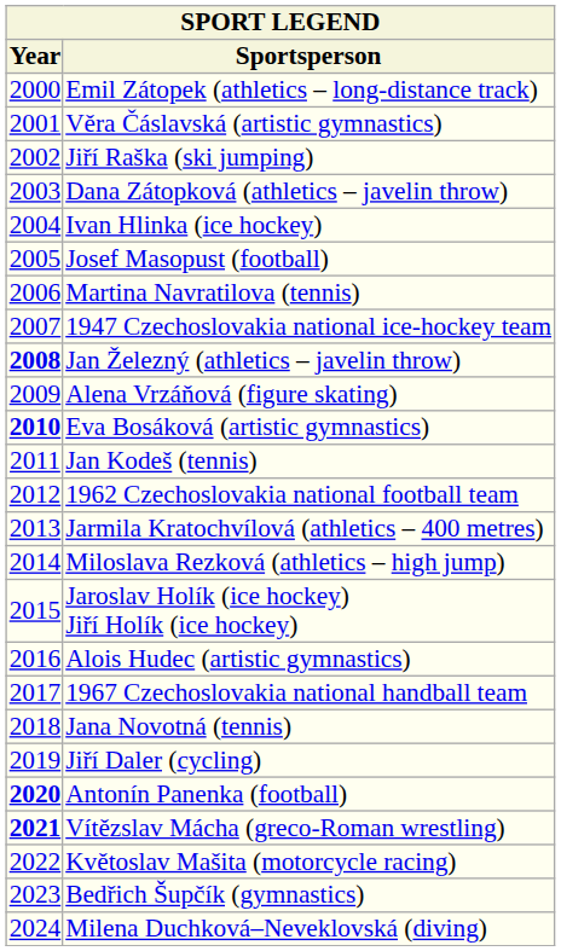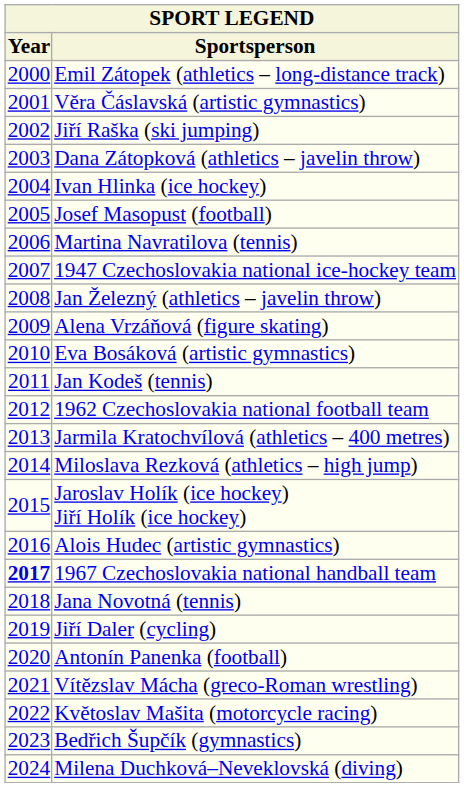 <table border=1 align=center style="background: ivory;border: 1px #aaaaaa solid; border-collapse: collapse; clear:center">
 <tr style="background:beige">
 <th colspan="2">SPORT LEGEND</th>
 </tr>
 <tr style="background:beige">
 <th>Year</th>
 <th>Sportsperson</th>
 </tr>
 <tr>
 <td align="center"><a href='#'>2000</a></td>
 <td><a href='#'>Emil Zátopek</a> (<a href='#'>athletics</a> – <a href='#'>long-distance track</a>)</td>
 </tr>
 <tr>
 <td align="center"><a href='#'>2001</a></td>
 <td><a href='#'>Věra Čáslavská</a> (<a href='#'>artistic gymnastics</a>)</td>
 </tr>
 <tr>
 <td align="center"><a href='#'>2002</a></td>
 <td><a href='#'>Jiří Raška</a> (<a href='#'>ski jumping</a>)</td>
 </tr>
 <tr>
 <td align="center"><a href='#'>2003</a></td>
 <td><a href='#'>Dana Zátopková</a> (<a href='#'>athletics</a> – <a href='#'>javelin throw</a>)</td>
 </tr>
 <tr>
 <td align="center"><a href='#'>2004</a></td>
 <td><a href='#'>Ivan Hlinka</a> (<a href='#'>ice hockey</a>)</td>
 </tr>
 <tr>
 <td align="center"><a href='#'>2005</a></td>
 <td><a href='#'>Josef Masopust</a> (<a href='#'>football</a>)</td>
 </tr>
 <tr>
 <td align="center"><a href='#'>2006</a></td>
 <td><a href='#'>Martina Navratilova</a> (<a href='#'>tennis</a>)</td>
 </tr>
 <tr>
 <td align="center"><a href='#'>2007</a></td>
 <td><a href='#'>1947 Czechoslovakia national ice-hockey team</a></td>
 </tr>
 <tr>
-<td align="center"><strong><a href='#'>2008</a></strong></td>
+<td align="center"><a href='#'>2008</a></td>
 <td><a href='#'>Jan Železný</a> (<a href='#'>athletics</a> – <a href='#'>javelin throw</a>)</td>
 </tr>
 <tr>
 <td align="center"><a href='#'>2009</a></td>
 <td><a href='#'>Alena Vrzáňová</a> (<a href='#'>figure skating</a>)</td>
 </tr>
 <tr>
-<td align="center"><strong><a href='#'>2010</a></strong></td>
+<td align="center"><a href='#'>2010</a></td>
 <td><a href='#'>Eva Bosáková</a> (<a href='#'>artistic gymnastics</a>)</td>
 </tr>
 <tr>
 <td align="center"><a href='#'>2011</a></td>
 <td><a href='#'>Jan Kodeš</a> (<a href='#'>tennis</a>)</td>
 </tr>
 <tr>
 <td align="center"><a href='#'>2012</a></td>
 <td><a href='#'>1962 Czechoslovakia national football team</a></td>
 </tr>
 <tr>
 <td align="center"><a href='#'>2013</a></td>
 <td><a href='#'>Jarmila Kratochvílová</a> (<a href='#'>athletics</a> – <a href='#'>400 metres</a>)</td>
 </tr>
 <tr>
 <td align="center"><a href='#'>2014</a></td>
 <td><a href='#'>Miloslava Rezková</a> (<a href='#'>athletics</a> – <a href='#'>high jump</a>)</td>
 </tr>
 <tr>
 <td align="center"><a href='#'>2015</a></td>
 <td><a href='#'>Jaroslav Holík</a> (<a href='#'>ice hockey</a>)<br><a href='#'>Jiří Holík</a> (<a href='#'>ice hockey</a>)</td>
 </tr>
 <tr>
 <td align="center"><a href='#'>2016</a></td>
 <td><a href='#'>Alois Hudec</a> (<a href='#'>artistic gymnastics</a>)</td>
 </tr>
 <tr>
-<td align="center"><a href='#'>2017</a></td>
+<td align="center"><strong><a href='#'>2017</a></strong></td>
 <td><a href='#'>1967 Czechoslovakia national handball team</a></td>
 </tr>
 <tr>
 <td align="center"><a href='#'>2018</a></td>
 <td><a href='#'>Jana Novotná</a> (<a href='#'>tennis</a>)</td>
 </tr>
 <tr>
 <td align="center"><a href='#'>2019</a></td>
 <td><a href='#'>Jiří Daler</a> (<a href='#'>cycling</a>)</td>
 </tr>
 <tr>
-<td align="center"><strong><a href='#'>2020</a></strong></td>
+<td align="center"><a href='#'>2020</a></td>
 <td><a href='#'>Antonín Panenka</a> (<a href='#'>football</a>)</td>
 </tr>
 <tr>
-<td align="center"><strong><a href='#'>2021</a></strong></td>
+<td align="center"><a href='#'>2021</a></td>
 <td><a href='#'>Vítězslav Mácha</a> (<a href='#'>greco-Roman wrestling</a>)</td>
 </tr>
 <tr>
 <td align="center"><a href='#'>2022</a></td>
 <td><a href='#'>Květoslav Mašita</a> (<a href='#'>motorcycle racing</a>)</td>
 </tr>
 <tr>
 <td align="center"><a href='#'>2023</a></td>
 <td><a href='#'>Bedřich Šupčík</a> (<a href='#'>gymnastics</a>)</td>
 </tr>
 <tr>
 <td align="center"><a href='#'>2024</a></td>
 <td><a href='#'>Milena Duchková–Neveklovská</a> (<a href='#'>diving</a>)</td>
 </tr>
 </table>
